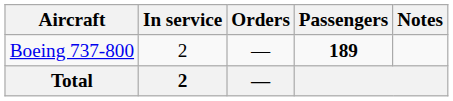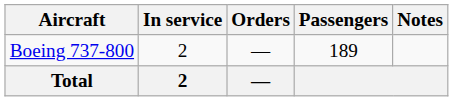 <table class="wikitable" style="border-collapse:collapse;text-align:center;margin:auto;">
 <tr>
 <th>Aircraft</th>
 <th>In service</th>
 <th>Orders</th>
 <th>Passengers</th>
 <th>Notes</th>
 </tr>
 <tr>
 <td><a href='#'>Boeing 737-800</a></td>
 <td>2</td>
 <td>—</td>
-<td><strong>189</strong></td>
+<td>189</td>
 <td></td>
 </tr>
 <tr>
 <th>Total</th>
 <th>2</th>
 <th>—</th>
 <th colspan="2"></th>
 </tr>
 </table>
